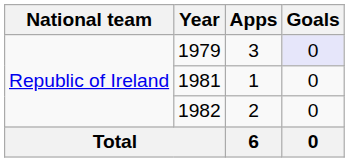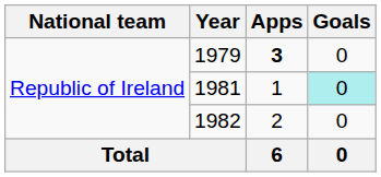 <table class="wikitable" style="text-align:center">
 <tr>
 <th>National team</th>
 <th>Year</th>
 <th>Apps</th>
 <th>Goals</th>
 </tr>
 <tr>
 <td rowspan="3"><a href='#'>Republic of Ireland</a></td>
 <td>1979</td>
-<td>3</td>
-<td style="background: lavender;">0</td>
+<td><strong>3</strong></td>
+<td>0</td>
 </tr>
 <tr>
 <td>1981</td>
 <td>1</td>
-<td>0</td>
+<td style="background: paleturquoise;">0</td>
 </tr>
 <tr>
 <td>1982</td>
 <td>2</td>
 <td>0</td>
 </tr>
 <tr>
 <th colspan="2">Total</th>
 <th>6</th>
 <th>0</th>
 </tr>
 </table>
